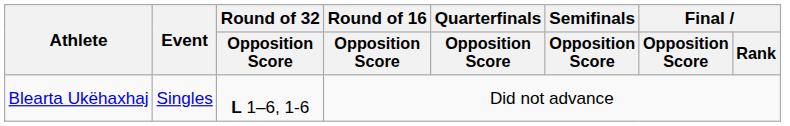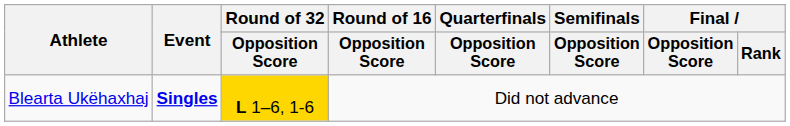 <table class=wikitable style="font-size:90%">
 <tr>
 <th rowspan="2">Athlete</th>
 <th rowspan="2">Event</th>
 <th>Round of 32</th>
 <th>Round of 16</th>
 <th>Quarterfinals</th>
 <th>Semifinals</th>
 <th colspan=2>Final / </th>
 </tr>
 <tr style="font-size:95%">
 <th>Opposition<br>Score</th>
 <th>Opposition<br>Score</th>
 <th>Opposition<br>Score</th>
 <th>Opposition<br>Score</th>
 <th>Opposition<br>Score</th>
 <th>Rank</th>
 </tr>
 <tr align=center>
 <td align=left><a href='#'>Blearta Ukëhaxhaj</a></td>
-<td align=left><a href='#'>Singles</a></td>
-<td><br><strong>L</strong> 1–6, 1-6</td>
+<td align=left><strong><a href='#'>Singles</a></strong></td>
+<td style="background: gold;"><br><strong>L</strong> 1–6, 1-6</td>
 <td colspan=5>Did not advance</td>
 </tr>
 </table>
